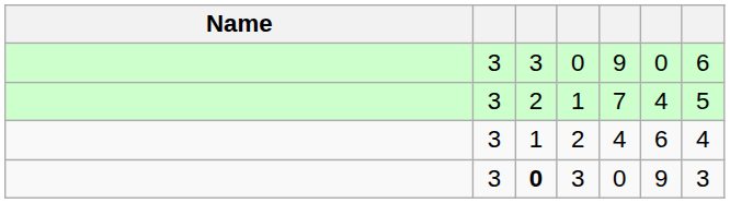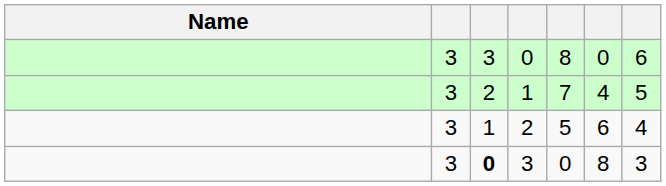 <table class=wikitable style="text-align:center">
 <tr>
 <th width=300>Name</th>
 <th width=20></th>
 <th width=20></th>
 <th width=20></th>
 <th width=20></th>
 <th width=20></th>
 <th width=20></th>
 </tr>
 <tr style="background-color:#ccffcc;">
 <td style="text-align:left;"></td>
 <td>3</td>
 <td>3</td>
 <td>0</td>
-<td>9</td>
+<td>8</td>
 <td>0</td>
 <td>6</td>
 </tr>
 <tr style="background-color:#ccffcc;">
 <td style="text-align:left;"></td>
 <td>3</td>
 <td>2</td>
 <td>1</td>
 <td>7</td>
 <td>4</td>
 <td>5</td>
 </tr>
 <tr>
 <td style="text-align:left;"></td>
 <td>3</td>
 <td>1</td>
 <td>2</td>
-<td>4</td>
+<td>5</td>
 <td>6</td>
 <td>4</td>
 </tr>
 <tr>
 <td style="text-align:left;"></td>
 <td>3</td>
 <td><strong>0</strong></td>
 <td>3</td>
 <td>0</td>
-<td>9</td>
+<td>8</td>
 <td>3</td>
 </tr>
 </table>
